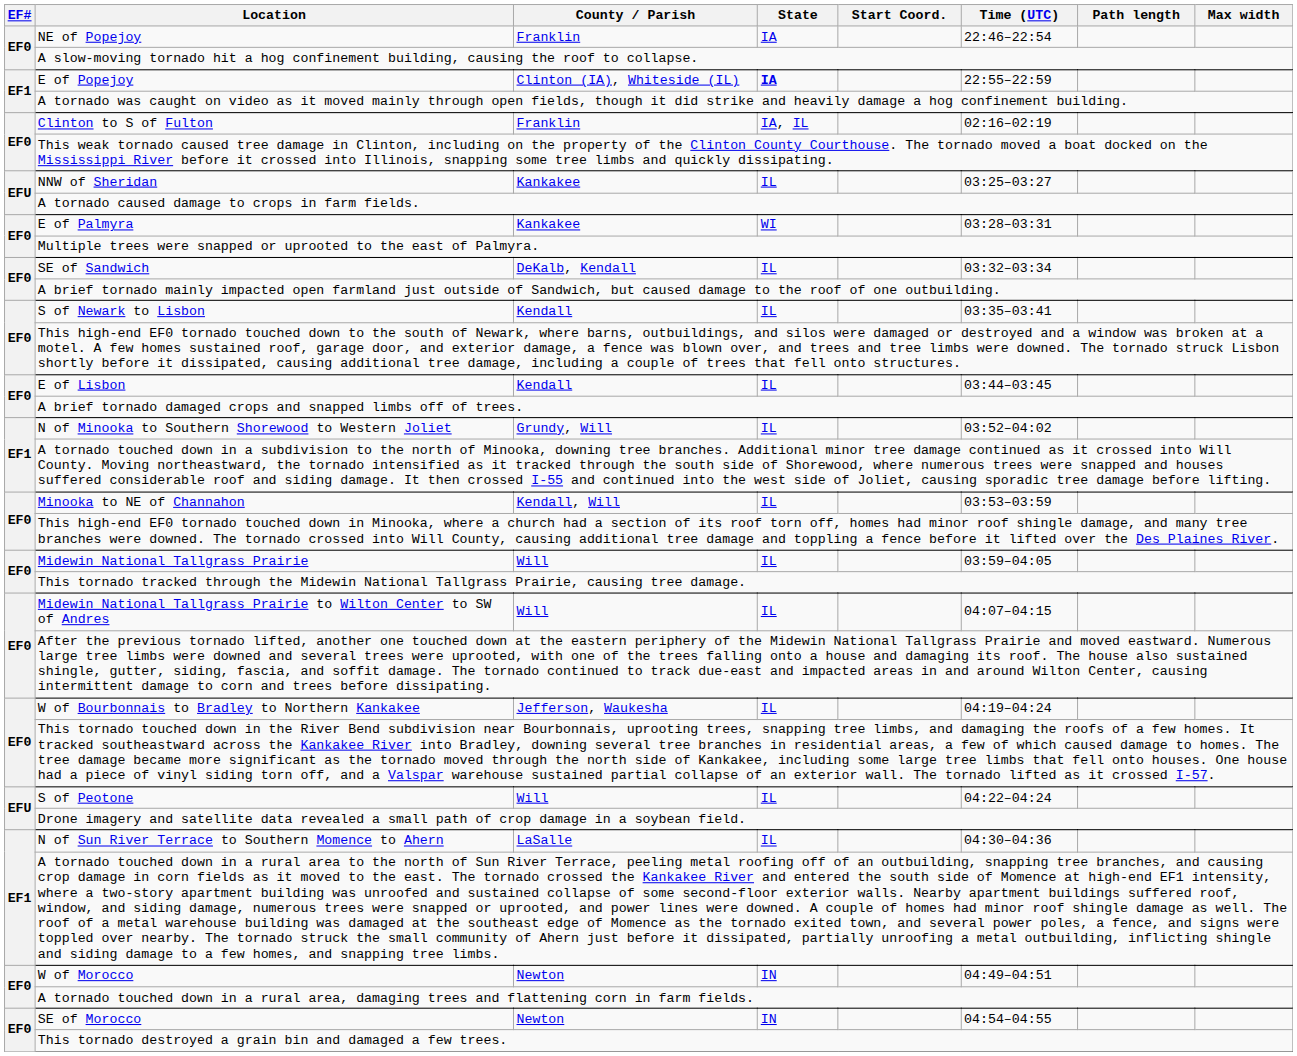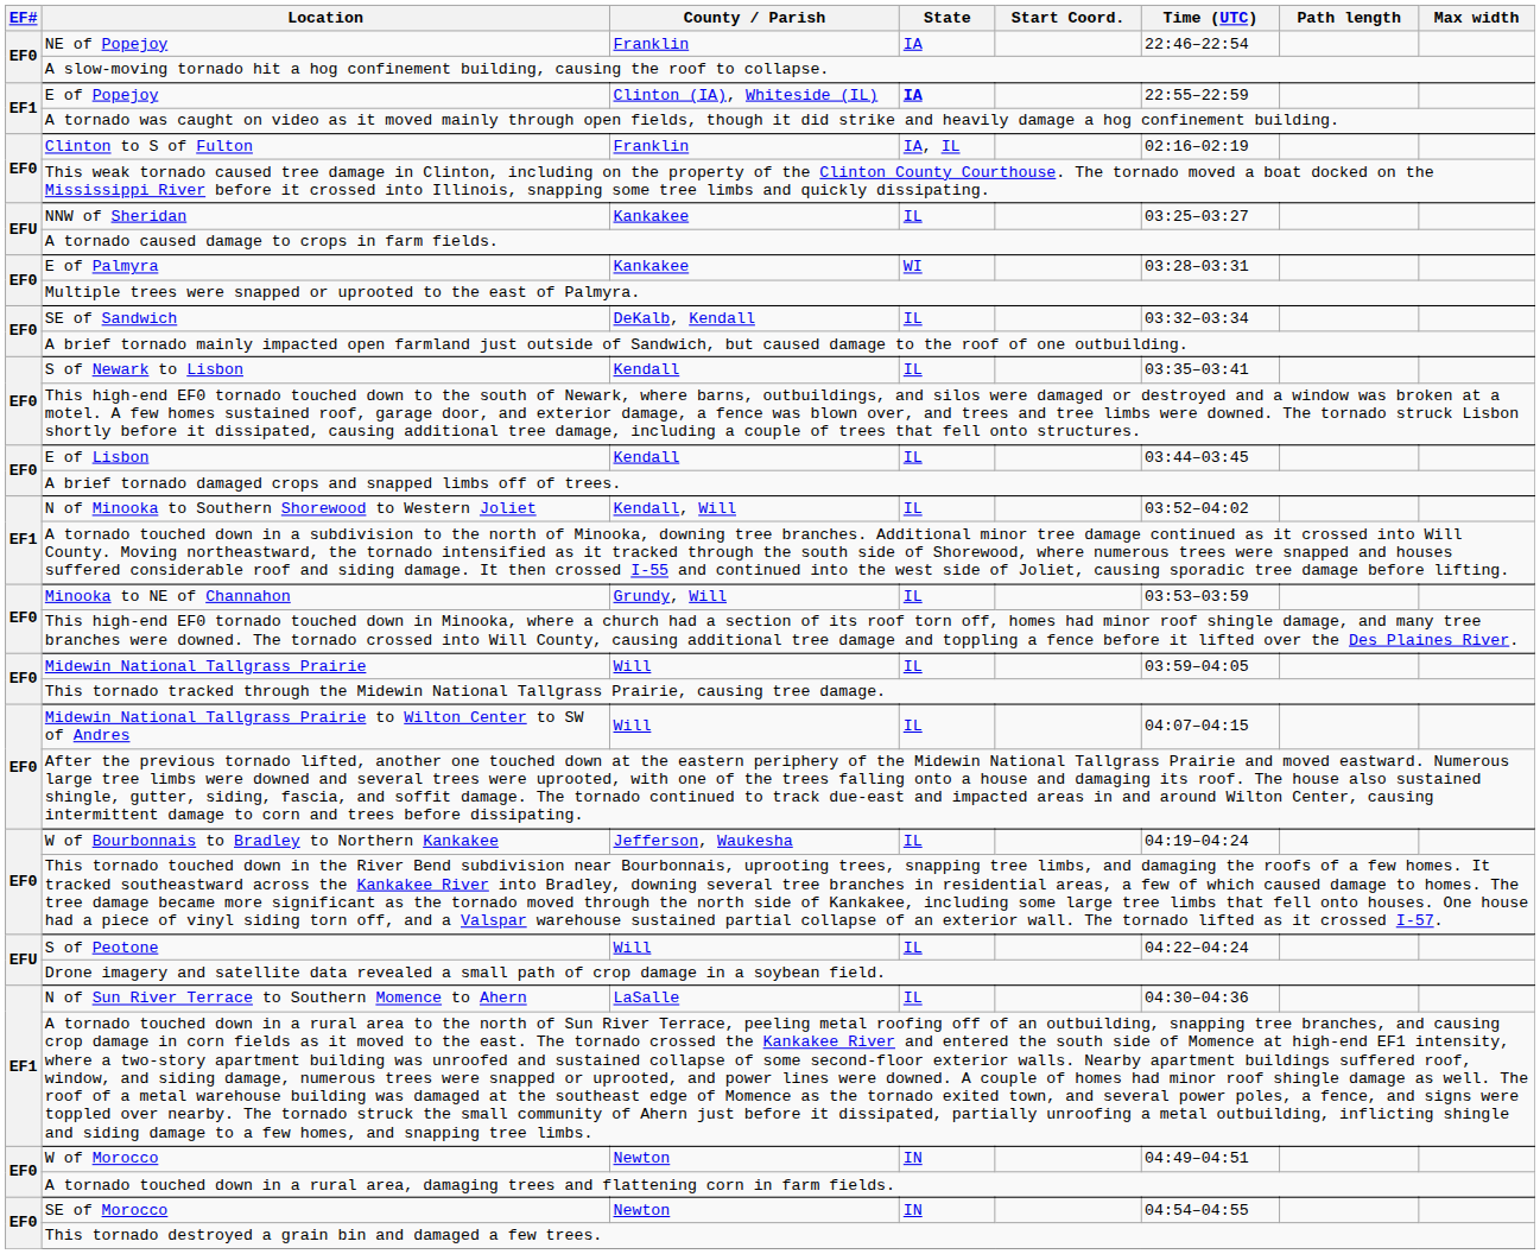 <table class="wikitable sortable" style="width:100%;">
 <tr>
 <th scope="col" width="2%" align="center"><a href='#'>EF#</a></th>
 <th scope="col" align="center" class="unsortable">Location</th>
 <th scope="col" align="center" class="unsortable">County / Parish</th>
 <th scope="col" align="center">State</th>
 <th scope="col" align="center">Start Coord.</th>
 <th scope="col" align="center">Time (<a href='#'>UTC</a>)</th>
 <th scope="col" align="center">Path length</th>
 <th scope="col" align="center">Max width</th>
 </tr>
 <tr>
 <th scope="row" rowspan="2" style="background-color:#">EF0</th>
 <td>NE of <a href='#'>Popejoy</a></td>
 <td><a href='#'>Franklin</a></td>
 <td><a href='#'>IA</a></td>
 <td></td>
 <td>22:46–22:54</td>
 <td></td>
 <td></td>
 </tr>
 <tr class="expand-child">
 <td colspan="8" style=" border-bottom: 1px solid black;">A slow-moving tornado hit a hog confinement building, causing the roof to collapse.</td>
 </tr>
 <tr>
 <th scope="row" rowspan="2" style="background-color:#">EF1</th>
 <td>E of <a href='#'>Popejoy</a></td>
 <td><a href='#'>Clinton (IA)</a>, <a href='#'>Whiteside (IL)</a></td>
 <td><strong><a href='#'>IA</a></strong></td>
 <td></td>
 <td>22:55–22:59</td>
 <td></td>
 <td></td>
 </tr>
 <tr class="expand-child">
 <td colspan="8" style=" border-bottom: 1px solid black;">A tornado was caught on video as it moved mainly through open fields, though it did strike and heavily damage a hog confinement building.</td>
 </tr>
 <tr>
 <th scope="row" rowspan="2" style="background-color:#">EF0</th>
 <td><a href='#'>Clinton</a> to S of <a href='#'>Fulton</a></td>
 <td><a href='#'>Franklin</a></td>
 <td><a href='#'>IA</a>, <a href='#'>IL</a></td>
 <td></td>
 <td>02:16–02:19</td>
 <td></td>
 <td></td>
 </tr>
 <tr class="expand-child">
 <td colspan="8" style=" border-bottom: 1px solid black;">This weak tornado caused tree damage in Clinton, including on the property of the <a href='#'>Clinton County Courthouse</a>. The tornado moved a boat docked on the <a href='#'>Mississippi River</a> before it crossed into Illinois, snapping some tree limbs and quickly dissipating.</td>
 </tr>
 <tr>
 <th scope="row" rowspan="2" style="background-color:#">EFU</th>
 <td>NNW of <a href='#'>Sheridan</a></td>
 <td><a href='#'>Kankakee</a></td>
 <td><a href='#'>IL</a></td>
 <td></td>
 <td>03:25–03:27</td>
 <td></td>
 <td></td>
 </tr>
 <tr class="expand-child">
 <td colspan="8" style=" border-bottom: 1px solid black;">A tornado caused damage to crops in farm fields.</td>
 </tr>
 <tr>
 <th scope="row" rowspan="2" style="background-color:#">EF0</th>
 <td>E of <a href='#'>Palmyra</a></td>
 <td><a href='#'>Kankakee</a></td>
 <td><a href='#'>WI</a></td>
 <td></td>
 <td>03:28–03:31</td>
 <td></td>
 <td></td>
 </tr>
 <tr class="expand-child">
 <td colspan="8" style=" border-bottom: 1px solid black;">Multiple trees were snapped or uprooted to the east of Palmyra.</td>
 </tr>
 <tr>
 <th scope="row" rowspan="2" style="background-color:#">EF0</th>
 <td>SE of <a href='#'>Sandwich</a></td>
 <td><a href='#'>DeKalb</a>, <a href='#'>Kendall</a></td>
 <td><a href='#'>IL</a></td>
 <td></td>
 <td>03:32–03:34</td>
 <td></td>
 <td></td>
 </tr>
 <tr class="expand-child">
 <td colspan="8" style=" border-bottom: 1px solid black;">A brief tornado mainly impacted open farmland just outside of Sandwich, but caused damage to the roof of one outbuilding.</td>
 </tr>
 <tr>
 <th scope="row" rowspan="2" style="background-color:#">EF0</th>
 <td>S of <a href='#'>Newark</a> to <a href='#'>Lisbon</a></td>
 <td><a href='#'>Kendall</a></td>
 <td><a href='#'>IL</a></td>
 <td></td>
 <td>03:35–03:41</td>
 <td></td>
 <td></td>
 </tr>
 <tr class="expand-child">
 <td colspan="8" style=" border-bottom: 1px solid black;">This high-end EF0 tornado touched down to the south of Newark, where barns, outbuildings, and silos were damaged or destroyed and a window was broken at a motel. A few homes sustained roof, garage door, and exterior damage, a fence was blown over, and trees and tree limbs were downed. The tornado struck Lisbon shortly before it dissipated, causing additional tree damage, including a couple of trees that fell onto structures.</td>
 </tr>
 <tr>
 <th scope="row" rowspan="2" style="background-color:#">EF0</th>
 <td>E of <a href='#'>Lisbon</a></td>
 <td><a href='#'>Kendall</a></td>
 <td><a href='#'>IL</a></td>
 <td></td>
 <td>03:44–03:45</td>
 <td></td>
 <td></td>
 </tr>
 <tr class="expand-child">
 <td colspan="8" style=" border-bottom: 1px solid black;">A brief tornado damaged crops and snapped limbs off of trees.</td>
 </tr>
 <tr>
 <th scope="row" rowspan="2" style="background-color:#">EF1</th>
 <td>N of <a href='#'>Minooka</a> to Southern <a href='#'>Shorewood</a> to Western <a href='#'>Joliet</a></td>
-<td><a href='#'>Grundy</a>, <a href='#'>Will</a></td>
+<td><a href='#'>Kendall</a>, <a href='#'>Will</a></td>
 <td><a href='#'>IL</a></td>
 <td></td>
 <td>03:52–04:02</td>
 <td></td>
 <td></td>
 </tr>
 <tr class="expand-child">
 <td colspan="8" style=" border-bottom: 1px solid black;">A tornado touched down in a subdivision to the north of Minooka, downing tree branches. Additional minor tree damage continued as it crossed into Will County. Moving northeastward, the tornado intensified as it tracked through the south side of Shorewood, where numerous trees were snapped and houses suffered considerable roof and siding damage. It then crossed <a href='#'>I-55</a> and continued into the west side of Joliet, causing sporadic tree damage before lifting.</td>
 </tr>
 <tr>
 <th scope="row" rowspan="2" style="background-color:#">EF0</th>
 <td><a href='#'>Minooka</a> to NE of <a href='#'>Channahon</a></td>
-<td><a href='#'>Kendall</a>, <a href='#'>Will</a></td>
+<td><a href='#'>Grundy</a>, <a href='#'>Will</a></td>
 <td><a href='#'>IL</a></td>
 <td></td>
 <td>03:53–03:59</td>
 <td></td>
 <td></td>
 </tr>
 <tr class="expand-child">
 <td colspan="8" style=" border-bottom: 1px solid black;">This high-end EF0 tornado touched down in Minooka, where a church had a section of its roof torn off, homes had minor roof shingle damage, and many tree branches were downed. The tornado crossed into Will County, causing additional tree damage and toppling a fence before it lifted over the <a href='#'>Des Plaines River</a>.</td>
 </tr>
 <tr>
 <th scope="row" rowspan="2" style="background-color:#">EF0</th>
 <td><a href='#'>Midewin National Tallgrass Prairie</a></td>
 <td><a href='#'>Will</a></td>
 <td><a href='#'>IL</a></td>
 <td></td>
 <td>03:59–04:05</td>
 <td></td>
 <td></td>
 </tr>
 <tr class="expand-child">
 <td colspan="8" style=" border-bottom: 1px solid black;">This tornado tracked through the Midewin National Tallgrass Prairie, causing tree damage.</td>
 </tr>
 <tr>
 <th scope="row" rowspan="2" style="background-color:#">EF0</th>
 <td><a href='#'>Midewin National Tallgrass Prairie</a> to <a href='#'>Wilton Center</a> to SW of <a href='#'>Andres</a></td>
 <td><a href='#'>Will</a></td>
 <td><a href='#'>IL</a></td>
 <td></td>
 <td>04:07–04:15</td>
 <td></td>
 <td></td>
 </tr>
 <tr class="expand-child">
 <td colspan="8" style=" border-bottom: 1px solid black;">After the previous tornado lifted, another one touched down at the eastern periphery of the Midewin National Tallgrass Prairie and moved eastward. Numerous large tree limbs were downed and several trees were uprooted, with one of the trees falling onto a house and damaging its roof. The house also sustained shingle, gutter, siding, fascia, and soffit damage. The tornado continued to track due-east and impacted areas in and around Wilton Center, causing intermittent damage to corn and trees before dissipating.</td>
 </tr>
 <tr>
 <th scope="row" rowspan="2" style="background-color:#">EF0</th>
 <td>W of <a href='#'>Bourbonnais</a> to <a href='#'>Bradley</a> to Northern <a href='#'>Kankakee</a></td>
 <td><a href='#'>Jefferson</a>, <a href='#'>Waukesha</a></td>
 <td><a href='#'>IL</a></td>
 <td></td>
 <td>04:19–04:24</td>
 <td></td>
 <td></td>
 </tr>
 <tr class="expand-child">
 <td colspan="8" style=" border-bottom: 1px solid black;">This tornado touched down in the River Bend subdivision near Bourbonnais, uprooting trees, snapping tree limbs, and damaging the roofs of a few homes. It tracked southeastward across the <a href='#'>Kankakee River</a> into Bradley, downing several tree branches in residential areas, a few of which caused damage to homes. The tree damage became more significant as the tornado moved through the north side of Kankakee, including some large tree limbs that fell onto houses. One house had a piece of vinyl siding torn off, and a <a href='#'>Valspar</a> warehouse sustained partial collapse of an exterior wall. The tornado lifted as it crossed <a href='#'>I-57</a>.</td>
 </tr>
 <tr>
 <th scope="row" rowspan="2" style="background-color:#">EFU</th>
 <td>S of <a href='#'>Peotone</a></td>
 <td><a href='#'>Will</a></td>
 <td><a href='#'>IL</a></td>
 <td></td>
 <td>04:22–04:24</td>
 <td></td>
 <td></td>
 </tr>
 <tr class="expand-child">
 <td colspan="8" style=" border-bottom: 1px solid black;">Drone imagery and satellite data revealed a small path of crop damage in a soybean field.</td>
 </tr>
 <tr>
 <th scope="row" rowspan="2" style="background-color:#">EF1</th>
 <td>N of <a href='#'>Sun River Terrace</a> to Southern <a href='#'>Momence</a> to <a href='#'>Ahern</a></td>
 <td><a href='#'>LaSalle</a></td>
 <td><a href='#'>IL</a></td>
 <td></td>
 <td>04:30–04:36</td>
 <td></td>
 <td></td>
 </tr>
 <tr class="expand-child">
 <td colspan="8" style=" border-bottom: 1px solid black;">A tornado touched down in a rural area to the north of Sun River Terrace, peeling metal roofing off of an outbuilding, snapping tree branches, and causing crop damage in corn fields as it moved to the east. The tornado crossed the <a href='#'>Kankakee River</a> and entered the south side of Momence at high-end EF1 intensity, where a two-story apartment building was unroofed and sustained collapse of some second-floor exterior walls. Nearby apartment buildings suffered roof, window, and siding damage, numerous trees were snapped or uprooted, and power lines were downed. A couple of homes had minor roof shingle damage as well. The roof of a metal warehouse building was damaged at the southeast edge of Momence as the tornado exited town, and several power poles, a fence, and signs were toppled over nearby. The tornado struck the small community of Ahern just before it dissipated, partially unroofing a metal outbuilding, inflicting shingle and siding damage to a few homes, and snapping tree limbs.</td>
 </tr>
 <tr>
 <th scope="row" rowspan="2" style="background-color:#">EF0</th>
 <td>W of <a href='#'>Morocco</a></td>
 <td><a href='#'>Newton</a></td>
 <td><a href='#'>IN</a></td>
 <td></td>
 <td>04:49–04:51</td>
 <td></td>
 <td></td>
 </tr>
 <tr class="expand-child">
 <td colspan="8" style=" border-bottom: 1px solid black;">A tornado touched down in a rural area, damaging trees and flattening corn in farm fields.</td>
 </tr>
 <tr>
 <th scope="row" rowspan="2" style="background-color:#">EF0</th>
 <td>SE of <a href='#'>Morocco</a></td>
 <td><a href='#'>Newton</a></td>
 <td><a href='#'>IN</a></td>
 <td></td>
 <td>04:54–04:55</td>
 <td></td>
 <td></td>
 </tr>
 <tr class="expand-child">
 <td colspan="8" style=" border-bottom: 1px solid black;">This tornado destroyed a grain bin and damaged a few trees.</td>
 </tr>
 <tr>
 </tr>
 </table>
